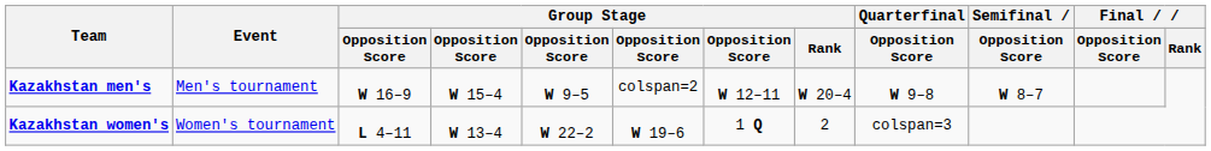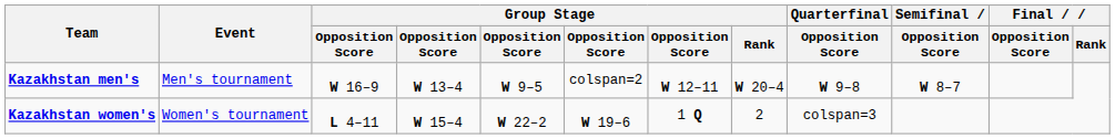 <table class=wikitable style=font-size:85%;text-align:center>
 <tr>
 <th rowspan=2>Team</th>
 <th rowspan=2>Event</th>
 <th colspan=6>Group Stage</th>
 <th>Quarterfinal</th>
 <th>Semifinal / </th>
 <th colspan=2>Final /  / </th>
 </tr>
 <tr style="font-size:95%">
 <th>Opposition<br>Score</th>
 <th>Opposition<br>Score</th>
 <th>Opposition<br>Score</th>
 <th>Opposition<br>Score</th>
 <th>Opposition<br>Score</th>
 <th>Rank</th>
 <th>Opposition<br>Score</th>
 <th>Opposition<br>Score</th>
 <th>Opposition<br>Score</th>
 <th>Rank</th>
 </tr>
 <tr>
 <td align=left><strong><a href='#'>Kazakhstan men's</a></strong></td>
 <td align=left><a href='#'>Men's tournament</a></td>
 <td><br><strong>W</strong> 16–9</td>
-<td><br><strong>W</strong> 15–4</td>
+<td><br><strong>W</strong> 13–4</td>
 <td><br><strong>W</strong> 9–5</td>
 <td>colspan=2 </td>
 <td><br><strong>W</strong> 12–11</td>
 <td><br><strong>W</strong> 20–4</td>
 <td><br><strong>W</strong> 9–8</td>
 <td><br><strong>W</strong> 8–7</td>
 <td></td>
 </tr>
 <tr>
 <td align=left><strong><a href='#'>Kazakhstan women's</a></strong></td>
 <td align=left><a href='#'>Women's tournament</a></td>
 <td><br><strong>L</strong> 4–11</td>
-<td><br><strong>W</strong> 13–4</td>
+<td><br><strong>W</strong> 15–4</td>
 <td><br><strong>W</strong> 22–2</td>
 <td><br><strong>W</strong> 19–6</td>
 <td>1 <strong>Q</strong></td>
 <td>2</td>
 <td>colspan=3 </td>
 <td></td>
 </tr>
 </table>
